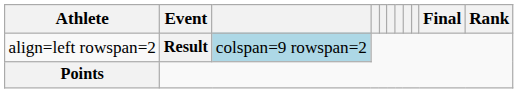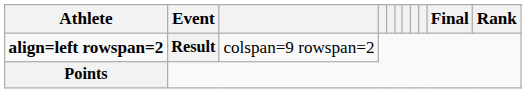 <table class="wikitable" style="font-size:90%">
 <tr>
 <th>Athlete</th>
 <th>Event</th>
 <th></th>
 <th></th>
 <th></th>
 <th></th>
 <th></th>
 <th></th>
 <th></th>
 <th>Final</th>
 <th>Rank</th>
 </tr>
 <tr align=center>
-<td>align=left rowspan=2 </td>
+<td><strong>align=left rowspan=2 </strong></td>
 <th style="font-size:95%">Result</th>
-<td style="background: lightblue;">colspan=9 rowspan=2 </td>
+<td>colspan=9 rowspan=2 </td>
 </tr>
 <tr align=center>
 <th style="font-size:95%">Points</th>
 </tr>
 </table>
